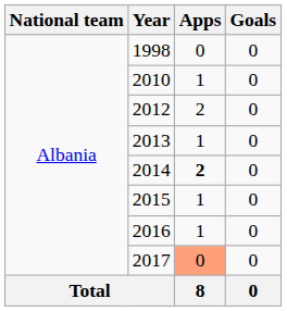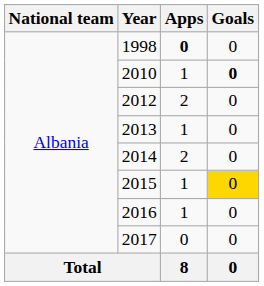 <table class=wikitable style="text-align: center;">
 <tr>
 <th>National team</th>
 <th>Year</th>
 <th>Apps</th>
 <th>Goals</th>
 </tr>
 <tr>
 <td rowspan="8"><a href='#'>Albania</a></td>
 <td>1998</td>
-<td>0</td>
+<td><strong>0</strong></td>
 <td>0</td>
 </tr>
 <tr>
 <td>2010</td>
 <td>1</td>
-<td>0</td>
+<td><strong>0</strong></td>
 </tr>
 <tr>
 <td>2012</td>
 <td>2</td>
 <td>0</td>
 </tr>
 <tr>
 <td>2013</td>
 <td>1</td>
 <td>0</td>
 </tr>
 <tr>
 <td>2014</td>
-<td><strong>2</strong></td>
+<td>2</td>
 <td>0</td>
 </tr>
 <tr>
 <td>2015</td>
 <td>1</td>
-<td>0</td>
+<td style="background: gold;">0</td>
 </tr>
 <tr>
 <td>2016</td>
 <td>1</td>
 <td>0</td>
 </tr>
 <tr>
 <td>2017</td>
-<td style="background: lightsalmon;">0</td>
+<td>0</td>
 <td>0</td>
 </tr>
 <tr>
 <th colspan="2">Total</th>
 <th>8</th>
 <th>0</th>
 </tr>
 </table>
